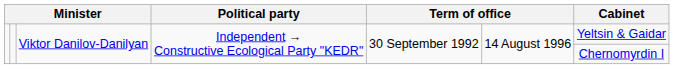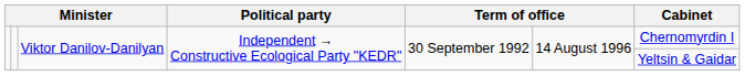 <table class="wikitable" style="text-align:center;">
 <tr>
 <th colspan=3>Minister</th>
 <th>Political party</th>
 <th colspan=2>Term of office</th>
 <th>Cabinet</th>
 </tr>
 <tr>
 <td rowspan=2 style="background: "></td>
 <td rowspan=2></td>
 <td rowspan=2><a href='#'>Viktor Danilov-Danilyan</a></td>
 <td rowspan=2><a href='#'>Independent</a> →<br><a href='#'>Constructive Ecological Party "KEDR"</a></td>
 <td rowspan=2>30 September 1992</td>
 <td rowspan=2>14 August 1996</td>
+<td><a href='#'>Chernomyrdin I</a></td>
+</tr>
+<tr>
 <td><a href='#'>Yeltsin & Gaidar</a></td>
 </tr>
-<tr>
-<td><a href='#'>Chernomyrdin I</a></td>
-</tr>
 </table>
